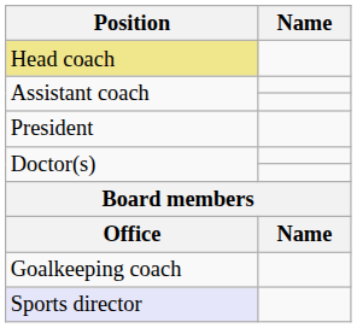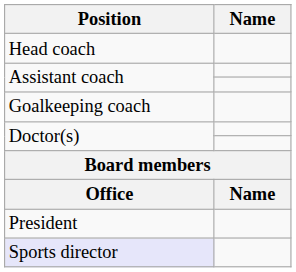 <table class="wikitable" width=40% style="text-align:left;font-size:100%;">
 <tr>
 <th>Position</th>
 <th>Name</th>
 </tr>
 <tr>
-<td style="background: khaki;">Head coach</td>
+<td>Head coach</td>
 <td> </td>
 </tr>
 <tr>
 <td rowspan="2">Assistant coach</td>
 <td> </td>
 </tr>
 <tr>
 <td> </td>
 </tr>
 <tr>
-<td>President</td>
+<td>Goalkeeping coach</td>
 <td> </td>
 </tr>
 <tr>
 <td rowspan="2">Doctor(s)</td>
 <td> </td>
 </tr>
 <tr>
 <td> </td>
 </tr>
 <tr>
 <th colspan="2">Board members</th>
 </tr>
 <tr>
 <th>Office</th>
 <th>Name</th>
 </tr>
 <tr>
-<td>Goalkeeping coach</td>
+<td>President</td>
 <td> </td>
 </tr>
 <tr>
 <td style="background: lavender;">Sports director</td>
 <td> </td>
 </tr>
 </table>
